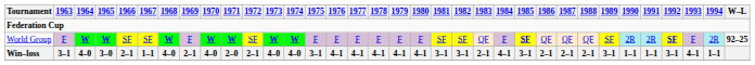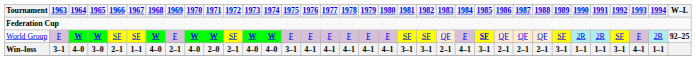 <table class=wikitable style=text-align:center;font-size:80%>
 <tr>
 <th>Tournament</th>
 <th><a href='#'>1963</a></th>
 <th><a href='#'>1964</a></th>
 <th><a href='#'>1965</a></th>
 <th><a href='#'>1966</a></th>
 <th><a href='#'>1967</a></th>
 <th><a href='#'>1968</a></th>
 <th><a href='#'>1969</a></th>
 <th><a href='#'>1970</a></th>
 <th><a href='#'>1971</a></th>
 <th><a href='#'>1972</a></th>
 <th><a href='#'>1973</a></th>
 <th><a href='#'>1974</a></th>
 <th><a href='#'>1975</a></th>
 <th><a href='#'>1976</a></th>
 <th><a href='#'>1977</a></th>
 <th><a href='#'>1978</a></th>
 <th><a href='#'>1979</a></th>
 <th><a href='#'>1980</a></th>
 <th><a href='#'>1981</a></th>
 <th><a href='#'>1982</a></th>
 <th><a href='#'>1983</a></th>
 <th><a href='#'>1984</a></th>
 <th><a href='#'>1985</a></th>
 <th><a href='#'>1986</a></th>
 <th><a href='#'>1987</a></th>
 <th><a href='#'>1988</a></th>
 <th><a href='#'>1989</a></th>
 <th><a href='#'>1990</a></th>
 <th><a href='#'>1991</a></th>
 <th><a href='#'>1992</a></th>
 <th><a href='#'>1993</a></th>
 <th><a href='#'>1994</a></th>
 <th>W–L</th>
 </tr>
 <tr>
 <td colspan=40 align=left><strong>Federation Cup</strong></td>
 </tr>
 <tr>
 <td align=left><a href='#'>World Group</a></td>
 <td bgcolor=thistle><a href='#'>F</a></td>
 <td bgcolor=lime><a href='#'><strong>W</strong></a></td>
 <td bgcolor=lime><a href='#'><strong>W</strong></a></td>
 <td bgcolor=yellow><a href='#'>SF</a></td>
 <td bgcolor=yellow><a href='#'>SF</a></td>
 <td bgcolor=lime><a href='#'><strong>W</strong></a></td>
 <td bgcolor=thistle><a href='#'>F</a></td>
 <td bgcolor=lime><a href='#'><strong>W</strong></a></td>
 <td bgcolor=lime><a href='#'><strong>W</strong></a></td>
 <td bgcolor=yellow><a href='#'>SF</a></td>
 <td bgcolor=lime><a href='#'><strong>W</strong></a></td>
 <td bgcolor=lime><a href='#'><strong>W</strong></a></td>
 <td bgcolor=thistle><a href='#'>F</a></td>
 <td bgcolor=thistle><a href='#'>F</a></td>
 <td bgcolor=thistle><a href='#'>F</a></td>
 <td bgcolor=thistle><a href='#'>F</a></td>
 <td bgcolor=thistle><a href='#'>F</a></td>
 <td bgcolor=thistle><a href='#'>F</a></td>
 <td bgcolor=yellow><a href='#'>SF</a></td>
 <td bgcolor=yellow><a href='#'>SF</a></td>
 <td bgcolor=ffebcd><a href='#'>QF</a></td>
 <td bgcolor=thistle><a href='#'>F</a></td>
 <td bgcolor=yellow><strong><a href='#'>SF</a></strong></td>
 <td bgcolor=ffebcd><a href='#'>QF</a></td>
 <td bgcolor=ffebcd><a href='#'>QF</a></td>
 <td bgcolor=ffebcd><a href='#'>QF</a></td>
 <td bgcolor=yellow><a href='#'>SF</a></td>
 <td bgcolor=afeeee><a href='#'>2R</a></td>
 <td bgcolor=afeeee><a href='#'>2R</a></td>
-<td bgcolor=yellow><strong><a href='#'>SF</a></strong></td>
+<td bgcolor=yellow><a href='#'>SF</a></td>
 <td bgcolor=thistle><a href='#'>F</a></td>
 <td bgcolor=afeeee><a href='#'>2R</a></td>
 <td><strong>92–25</strong></td>
 </tr>
 <tr>
 <th style=text-align:left>Win–loss</th>
 <th>3–1</th>
 <th>4–0</th>
 <th>3–0</th>
 <th>2–1</th>
 <th>1–1</th>
 <th>4–0</th>
 <th>2–1</th>
 <th>4–0</th>
 <th>2–0</th>
 <th>2–1</th>
 <th>4–0</th>
 <th>4–0</th>
 <th>3–1</th>
 <th>4–1</th>
 <th>4–1</th>
 <th>4–1</th>
 <th>4–1</th>
 <th>4–1</th>
 <th>3–1</th>
 <th>3–1</th>
 <th>2–1</th>
 <th>4–1</th>
 <th>3–1</th>
 <th>2–1</th>
 <th>2–1</th>
 <th>2–1</th>
 <th>3–1</th>
 <th>1–1</th>
 <th>1–1</th>
 <th>3–1</th>
 <th>4–1</th>
 <th>1–1</th>
 <th></th>
 </tr>
 <tr>
 </tr>
 </table>
